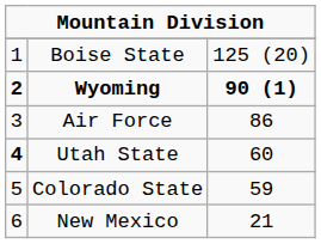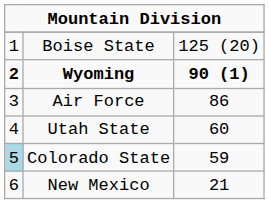 <table class="wikitable">
 <tr align="center">
 <td align="center" Colspan="3"><strong>Mountain Division</strong></td>
 </tr>
 <tr align="center">
 </tr>
 <tr align="center">
 <td>1</td>
 <td>Boise State</td>
 <td>125 (20)</td>
 </tr>
 <tr align="center">
 <td><strong>2</strong></td>
 <td><strong>Wyoming</strong></td>
 <td><strong>90 (1)</strong></td>
 </tr>
 <tr align="center">
 <td>3</td>
 <td>Air Force</td>
 <td>86</td>
 </tr>
 <tr align="center">
-<td><strong>4</strong></td>
+<td>4</td>
 <td>Utah State</td>
 <td>60</td>
 </tr>
 <tr align="center">
-<td>5</td>
+<td style="background: lightblue;">5</td>
 <td>Colorado State</td>
 <td>59</td>
 </tr>
 <tr align="center">
 <td>6</td>
 <td>New Mexico</td>
 <td>21</td>
 </tr>
 </table>
